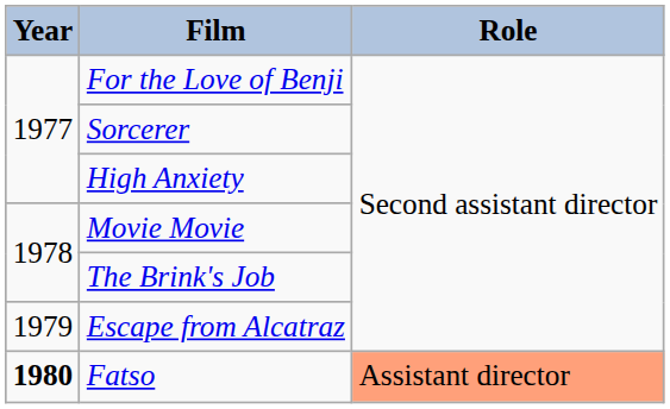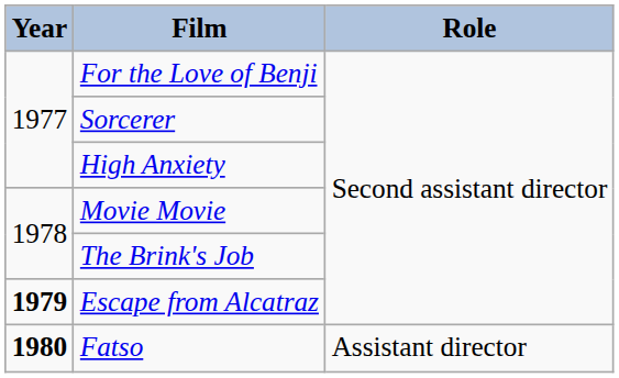 <table class="wikitable" style="font-size:95%;">
 <tr>
 <th style="background:#B0C4DE;">Year</th>
 <th style="background:#B0C4DE;">Film</th>
 <th style="background:#B0C4DE;">Role</th>
 </tr>
 <tr>
 <td rowspan=3>1977</td>
 <td><em><a href='#'>For the Love of Benji</a></em></td>
 <td rowspan=6>Second assistant director</td>
 </tr>
 <tr>
 <td><em><a href='#'>Sorcerer</a></em></td>
 </tr>
 <tr>
 <td><em><a href='#'>High Anxiety</a></em></td>
 </tr>
 <tr>
 <td rowspan=2>1978</td>
 <td><em><a href='#'>Movie Movie</a></em></td>
 </tr>
 <tr>
 <td><em><a href='#'>The Brink's Job</a></em></td>
 </tr>
 <tr>
-<td>1979</td>
+<td><strong>1979</strong></td>
 <td><em><a href='#'>Escape from Alcatraz</a></em></td>
 </tr>
 <tr>
 <td><strong>1980</strong></td>
 <td><em><a href='#'>Fatso</a></em></td>
-<td style="background: lightsalmon;">Assistant director</td>
+<td>Assistant director</td>
 </tr>
 </table>
